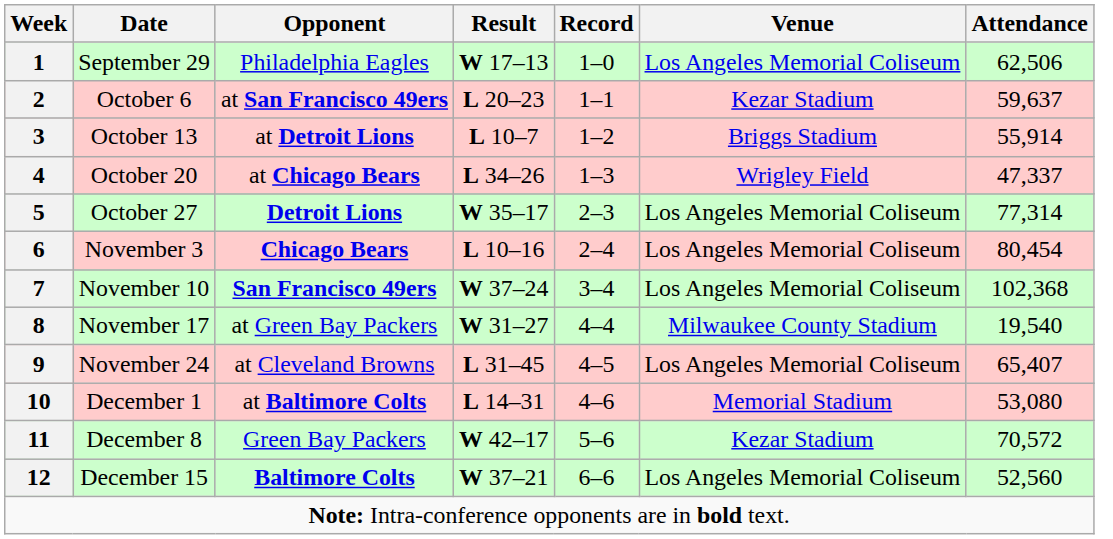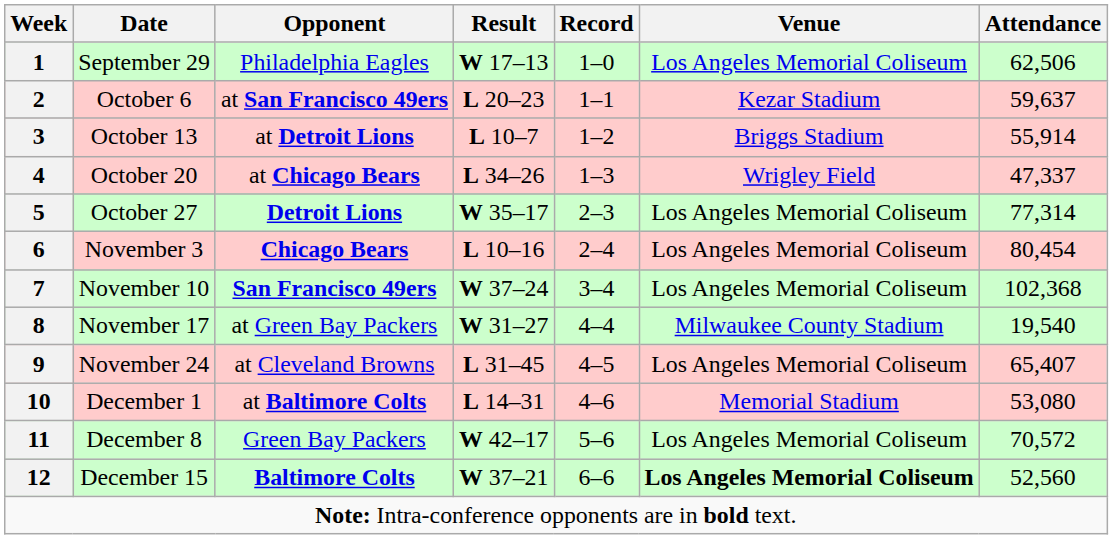 <table class="wikitable" style="text-align:center">
 <tr>
 <th>Week</th>
 <th>Date</th>
 <th>Opponent</th>
 <th>Result</th>
 <th>Record</th>
 <th>Venue</th>
 <th>Attendance</th>
 </tr>
 <tr style="background:#cfc">
 <th>1</th>
 <td>September 29</td>
 <td><a href='#'>Philadelphia Eagles</a></td>
 <td><strong>W</strong> 17–13</td>
 <td>1–0</td>
 <td><a href='#'>Los Angeles Memorial Coliseum</a></td>
 <td>62,506</td>
 </tr>
 <tr style="background:#fcc">
 <th>2</th>
 <td>October 6</td>
 <td>at <strong><a href='#'>San Francisco 49ers</a></strong></td>
 <td><strong>L</strong> 20–23</td>
 <td>1–1</td>
 <td><a href='#'>Kezar Stadium</a></td>
 <td>59,637</td>
 </tr>
 <tr style="background:#fcc">
 <th>3</th>
 <td>October 13</td>
 <td>at <strong><a href='#'>Detroit Lions</a></strong></td>
 <td><strong>L</strong> 10–7</td>
 <td>1–2</td>
 <td><a href='#'>Briggs Stadium</a></td>
 <td>55,914</td>
 </tr>
 <tr style="background:#fcc">
 <th>4</th>
 <td>October 20</td>
 <td>at <strong><a href='#'>Chicago Bears</a></strong></td>
 <td><strong>L</strong> 34–26</td>
 <td>1–3</td>
 <td><a href='#'>Wrigley Field</a></td>
 <td>47,337</td>
 </tr>
 <tr style="background:#cfc">
 <th>5</th>
 <td>October 27</td>
 <td><strong><a href='#'>Detroit Lions</a></strong></td>
 <td><strong>W</strong> 35–17</td>
 <td>2–3</td>
 <td>Los Angeles Memorial Coliseum</td>
 <td>77,314</td>
 </tr>
 <tr style="background:#fcc">
 <th>6</th>
 <td>November 3</td>
 <td><strong><a href='#'>Chicago Bears</a></strong></td>
 <td><strong>L</strong> 10–16</td>
 <td>2–4</td>
 <td>Los Angeles Memorial Coliseum</td>
 <td>80,454</td>
 </tr>
 <tr style="background:#cfc">
 <th>7</th>
 <td>November 10</td>
 <td><strong><a href='#'>San Francisco 49ers</a></strong></td>
 <td><strong>W</strong> 37–24</td>
 <td>3–4</td>
 <td>Los Angeles Memorial Coliseum</td>
 <td>102,368</td>
 </tr>
 <tr style="background:#cfc">
 <th>8</th>
 <td>November 17</td>
 <td>at <a href='#'>Green Bay Packers</a></td>
 <td><strong>W</strong> 31–27</td>
 <td>4–4</td>
 <td><a href='#'>Milwaukee County Stadium</a></td>
 <td>19,540</td>
 </tr>
 <tr style="background:#fcc">
 <th>9</th>
 <td>November 24</td>
 <td>at <a href='#'>Cleveland Browns</a></td>
 <td><strong>L</strong> 31–45</td>
 <td>4–5</td>
 <td>Los Angeles Memorial Coliseum</td>
 <td>65,407</td>
 </tr>
 <tr style="background:#fcc">
 <th>10</th>
 <td>December 1</td>
 <td>at <strong><a href='#'>Baltimore Colts</a></strong></td>
 <td><strong>L</strong> 14–31</td>
 <td>4–6</td>
 <td><a href='#'>Memorial Stadium</a></td>
 <td>53,080</td>
 </tr>
 <tr style="background:#cfc">
 <th>11</th>
 <td>December 8</td>
 <td><a href='#'>Green Bay Packers</a></td>
 <td><strong>W</strong> 42–17</td>
 <td>5–6</td>
-<td><a href='#'>Kezar Stadium</a></td>
+<td>Los Angeles Memorial Coliseum</td>
 <td>70,572</td>
 </tr>
 <tr style="background:#cfc">
 <th>12</th>
 <td>December 15</td>
 <td><strong><a href='#'>Baltimore Colts</a></strong></td>
 <td><strong>W</strong> 37–21</td>
 <td>6–6</td>
-<td>Los Angeles Memorial Coliseum</td>
+<td><strong>Los Angeles Memorial Coliseum</strong></td>
 <td>52,560</td>
 </tr>
 <tr>
 <td colspan="8"><strong>Note:</strong> Intra-conference opponents are in <strong>bold</strong> text.</td>
 </tr>
 </table>
